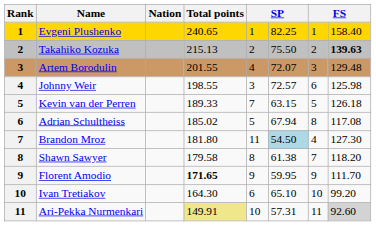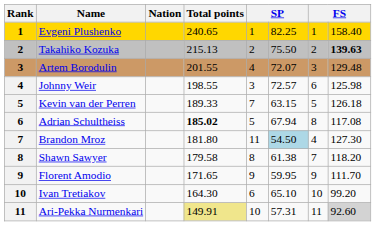 <table class="wikitable sortable">
 <tr>
 <th>Rank</th>
 <th>Name</th>
 <th>Nation</th>
 <th>Total points</th>
 <th colspan="2" width="80px"><a href='#'>SP</a></th>
 <th colspan="2" width="80px"><a href='#'>FS</a></th>
 </tr>
 <tr bgcolor="gold">
 <td align="center"><strong>1</strong></td>
 <td><a href='#'>Evgeni Plushenko</a></td>
 <td></td>
 <td>240.65</td>
 <td>1</td>
 <td>82.25</td>
 <td>1</td>
 <td>158.40</td>
 </tr>
 <tr bgcolor="silver">
 <td align="center"><strong>2</strong></td>
 <td><a href='#'>Takahiko Kozuka</a></td>
 <td></td>
 <td>215.13</td>
 <td>2</td>
 <td>75.50</td>
 <td>2</td>
 <td><strong>139.63</strong></td>
 </tr>
 <tr bgcolor="cc9966">
 <td align="center"><strong>3</strong></td>
 <td><a href='#'>Artem Borodulin</a></td>
 <td></td>
 <td>201.55</td>
 <td>4</td>
 <td>72.07</td>
 <td>3</td>
 <td>129.48</td>
 </tr>
 <tr>
 <th>4</th>
 <td><a href='#'>Johnny Weir</a></td>
 <td></td>
 <td>198.55</td>
 <td>3</td>
 <td>72.57</td>
 <td>6</td>
 <td>125.98</td>
 </tr>
 <tr>
 <th>5</th>
 <td><a href='#'>Kevin van der Perren</a></td>
 <td></td>
 <td>189.33</td>
 <td>7</td>
 <td>63.15</td>
 <td>5</td>
 <td>126.18</td>
 </tr>
 <tr>
 <th>6</th>
 <td><a href='#'>Adrian Schultheiss</a></td>
 <td></td>
-<td>185.02</td>
+<td><strong>185.02</strong></td>
 <td>5</td>
 <td>67.94</td>
 <td>8</td>
 <td>117.08</td>
 </tr>
 <tr>
 <th>7</th>
 <td><a href='#'>Brandon Mroz</a></td>
 <td></td>
 <td>181.80</td>
 <td>11</td>
 <td style="background: lightblue;">54.50</td>
 <td>4</td>
 <td>127.30</td>
 </tr>
 <tr>
 <th>8</th>
 <td><a href='#'>Shawn Sawyer</a></td>
 <td></td>
 <td>179.58</td>
 <td>8</td>
 <td>61.38</td>
 <td>7</td>
 <td>118.20</td>
 </tr>
 <tr>
 <th>9</th>
 <td><a href='#'>Florent Amodio</a></td>
 <td></td>
-<td><strong>171.65</strong></td>
+<td>171.65</td>
 <td>9</td>
 <td>59.95</td>
 <td>9</td>
 <td>111.70</td>
 </tr>
 <tr>
 <th>10</th>
 <td><a href='#'>Ivan Tretiakov</a></td>
 <td></td>
 <td>164.30</td>
 <td>6</td>
 <td>65.10</td>
 <td>10</td>
 <td>99.20</td>
 </tr>
 <tr>
 <th>11</th>
 <td><a href='#'>Ari-Pekka Nurmenkari</a></td>
 <td></td>
 <td style="background: khaki;">149.91</td>
 <td>10</td>
 <td>57.31</td>
 <td>11</td>
 <td style="background: lightgrey;">92.60</td>
 </tr>
 </table>
